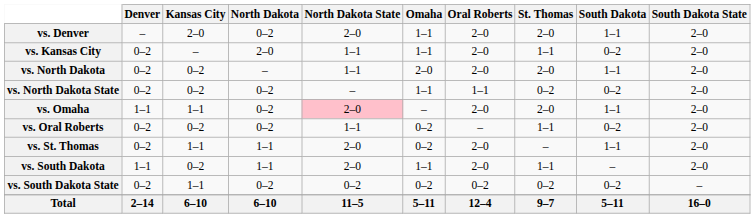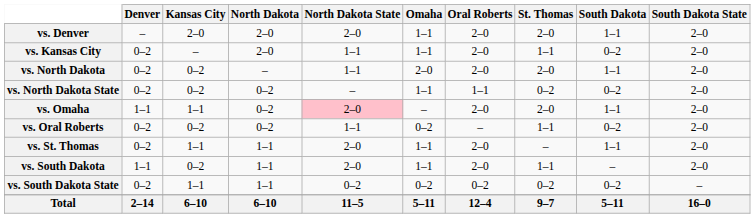 <table class="wikitable" style="white-space:nowrap;font-size:90%;">
 <tr>
 <th colspan=1 style="background:white; border-top-style:hidden; border-left-style:hidden;"   width=110> </th>
 <th>Denver</th>
 <th>Kansas City</th>
 <th>North Dakota</th>
 <th>North Dakota State</th>
 <th>Omaha</th>
 <th>Oral Roberts</th>
 <th>St. Thomas</th>
 <th>South Dakota</th>
 <th>South Dakota State</th>
 </tr>
 <tr style="text-align:center;">
 <th>vs. Denver</th>
 <td>–</td>
 <td>2–0</td>
-<td>0–2</td>
+<td>2–0</td>
 <td>2–0</td>
 <td>1–1</td>
 <td>2–0</td>
 <td>2–0</td>
 <td>1–1</td>
 <td>2–0</td>
 </tr>
 <tr style="text-align:center;">
 <th>vs. Kansas City</th>
 <td>0–2</td>
 <td>–</td>
 <td>2–0</td>
 <td>1–1</td>
 <td>1–1</td>
 <td>2–0</td>
 <td>1–1</td>
 <td>0–2</td>
 <td>2–0</td>
 </tr>
 <tr style="text-align:center;">
 <th>vs. North Dakota</th>
 <td>0–2</td>
 <td>0–2</td>
 <td>–</td>
 <td>1–1</td>
 <td>2–0</td>
 <td>2–0</td>
 <td>2–0</td>
 <td>1–1</td>
 <td>2–0</td>
 </tr>
 <tr style="text-align:center;">
 <th>vs. North Dakota State</th>
 <td>0–2</td>
 <td>0–2</td>
 <td>0–2</td>
 <td>–</td>
 <td>1–1</td>
 <td>1–1</td>
 <td>0–2</td>
 <td>0–2</td>
 <td>2–0</td>
 </tr>
 <tr style="text-align:center;">
 <th>vs. Omaha</th>
 <td>1–1</td>
 <td>1–1</td>
 <td>0–2</td>
 <td style="background: pink;">2–0</td>
 <td>–</td>
 <td>2–0</td>
 <td>2–0</td>
 <td>1–1</td>
 <td>2–0</td>
 </tr>
 <tr style="text-align:center;">
 <th>vs. Oral Roberts</th>
 <td>0–2</td>
 <td>0–2</td>
 <td>0–2</td>
 <td>1–1</td>
 <td>0–2</td>
 <td>–</td>
 <td>1–1</td>
 <td>0–2</td>
 <td>2–0</td>
 </tr>
 <tr style="text-align:center;">
 <th>vs. St. Thomas</th>
 <td>0–2</td>
 <td>1–1</td>
 <td>1–1</td>
 <td>2–0</td>
-<td>0–2</td>
+<td>1–1</td>
 <td>2–0</td>
 <td>–</td>
 <td>1–1</td>
 <td>2–0</td>
 </tr>
 <tr style="text-align:center;">
 <th>vs. South Dakota</th>
 <td>1–1</td>
 <td>0–2</td>
 <td>1–1</td>
 <td>2–0</td>
 <td>1–1</td>
 <td>2–0</td>
 <td>1–1</td>
 <td>–</td>
 <td>2–0</td>
 </tr>
 <tr style="text-align:center;">
 <th>vs. South Dakota State</th>
 <td>0–2</td>
 <td>1–1</td>
-<td>0–2</td>
+<td>1–1</td>
 <td>0–2</td>
 <td>0–2</td>
 <td>0–2</td>
 <td>0–2</td>
 <td>0–2</td>
 <td>–</td>
 </tr>
 <tr style="text-align:center;">
 </tr>
 <tr style="text-align:center;">
 <th>Total</th>
 <th>2–14</th>
 <th>6–10</th>
 <th>6–10</th>
 <th>11–5</th>
 <th>5–11</th>
 <th>12–4</th>
 <th>9–7</th>
 <th>5–11</th>
 <th>16–0</th>
 </tr>
 </table>
